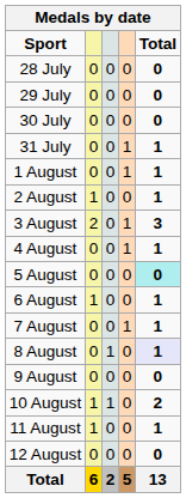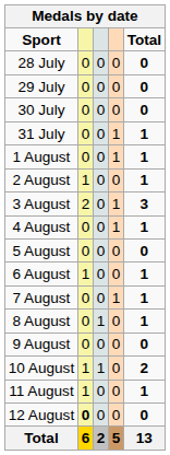 <table class="wikitable" style="font-size:85%">
 <tr style="background:#efefef;">
 <th colspan=5>Medals by date</th>
 </tr>
 <tr align=center>
 <td><strong>Sport</strong></td>
 <td bgcolor=#f7f6a8></td>
 <td bgcolor=#dce5e5></td>
 <td bgcolor=#ffdab9></td>
 <td><strong>Total</strong></td>
 </tr>
 <tr align=center>
 <td>28 July</td>
 <td style="background:#F7F6A8;">0</td>
 <td style="background:#DCE5E5;">0</td>
 <td style="background:#FFDAB9;">0</td>
 <td><strong>0</strong></td>
 </tr>
 <tr align=center>
 <td>29 July</td>
 <td style="background:#F7F6A8;">0</td>
 <td style="background:#DCE5E5;">0</td>
 <td style="background:#FFDAB9;">0</td>
 <td><strong>0</strong></td>
 </tr>
 <tr align=center>
 <td>30 July</td>
 <td style="background:#F7F6A8;">0</td>
 <td style="background:#DCE5E5;">0</td>
 <td style="background:#FFDAB9;">0</td>
 <td><strong>0</strong></td>
 </tr>
 <tr align=center>
 <td>31 July</td>
 <td style="background:#F7F6A8;">0</td>
 <td style="background:#DCE5E5;">0</td>
 <td style="background:#FFDAB9;">1</td>
 <td><strong>1</strong></td>
 </tr>
 <tr align=center>
 <td>1 August</td>
 <td style="background:#F7F6A8;">0</td>
 <td style="background:#DCE5E5;">0</td>
 <td style="background:#FFDAB9;">1</td>
 <td><strong>1</strong></td>
 </tr>
 <tr align=center>
 <td>2 August</td>
 <td style="background:#F7F6A8;">1</td>
 <td style="background:#DCE5E5;">0</td>
 <td style="background:#FFDAB9;">0</td>
 <td><strong>1</strong></td>
 </tr>
 <tr align=center>
 <td>3 August</td>
 <td style="background:#F7F6A8;">2</td>
 <td style="background:#DCE5E5;">0</td>
 <td style="background:#FFDAB9;">1</td>
 <td><strong>3</strong></td>
 </tr>
 <tr style="text-align:center;">
 <td>4 August</td>
 <td style="background:#F7F6A8;">0</td>
 <td style="background:#DCE5E5;">0</td>
 <td style="background:#FFDAB9;">1</td>
 <td><strong>1</strong></td>
 </tr>
 <tr align=center>
 <td>5 August</td>
 <td style="background:#F7F6A8;">0</td>
 <td style="background:#DCE5E5;">0</td>
 <td style="background:#FFDAB9;">0</td>
-<td style="background: paleturquoise;"><strong>0</strong></td>
+<td><strong>0</strong></td>
 </tr>
 <tr align=center>
 <td>6 August</td>
 <td style="background:#F7F6A8;">1</td>
 <td style="background:#DCE5E5;">0</td>
 <td style="background:#FFDAB9;">0</td>
 <td><strong>1</strong></td>
 </tr>
 <tr style="text-align:center;">
 <td>7 August</td>
 <td style="background:#F7F6A8;">0</td>
 <td style="background:#DCE5E5;">0</td>
 <td style="background:#FFDAB9;">1</td>
 <td><strong>1</strong></td>
 </tr>
 <tr align=center>
 <td>8 August</td>
 <td style="background:#F7F6A8;">0</td>
 <td style="background:#DCE5E5;">1</td>
 <td style="background:#FFDAB9;">0</td>
-<td style="background: lavender;"><strong>1</strong></td>
+<td><strong>1</strong></td>
 </tr>
 <tr align=center>
 <td>9 August</td>
 <td style="background:#F7F6A8;">0</td>
 <td style="background:#DCE5E5;">0</td>
 <td style="background:#FFDAB9;">0</td>
 <td><strong>0</strong></td>
 </tr>
 <tr align=center>
 <td>10 August</td>
 <td style="background:#F7F6A8;">1</td>
 <td style="background:#DCE5E5;">1</td>
 <td style="background:#FFDAB9;">0</td>
 <td><strong>2</strong></td>
 </tr>
 <tr align=center>
 <td>11 August</td>
 <td style="background:#F7F6A8;">1</td>
 <td style="background:#DCE5E5;">0</td>
 <td style="background:#FFDAB9;">0</td>
 <td><strong>1</strong></td>
 </tr>
 <tr align=center>
 <td>12 August</td>
-<td style="background:#F7F6A8;">0</td>
+<td style="background:#F7F6A8;"><strong>0</strong></td>
 <td style="background:#DCE5E5;">0</td>
 <td style="background:#FFDAB9;">0</td>
 <td><strong>0</strong></td>
 </tr>
 <tr align=center>
 <th>Total</th>
 <th style="background:gold;">6</th>
 <th style="background:silver;">2</th>
 <th style="background:#c96;">5</th>
 <th>13</th>
 </tr>
 </table>
